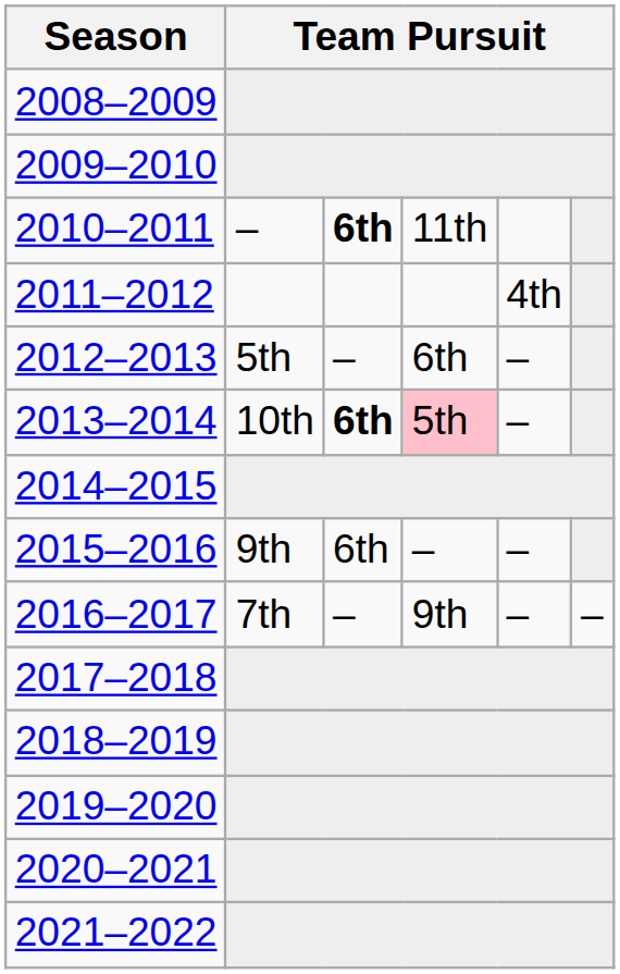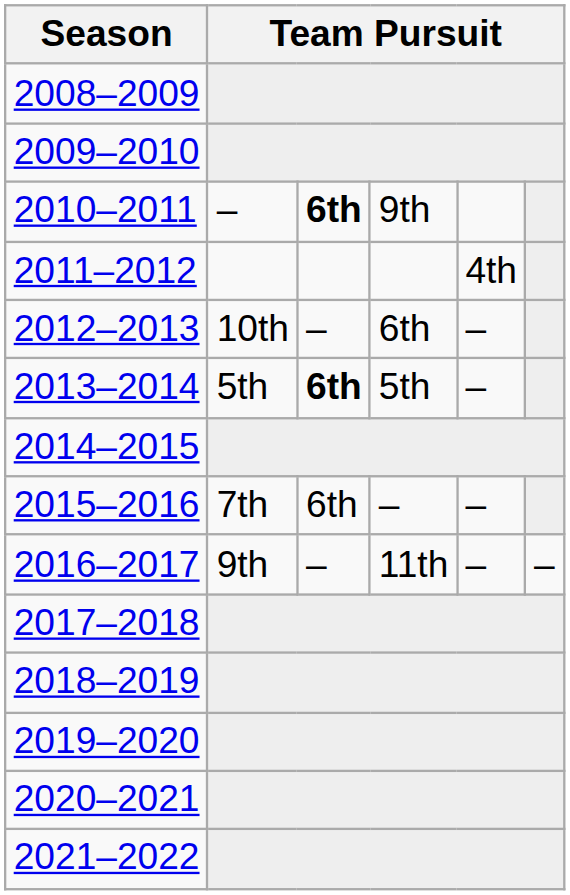 <table class="wikitable" style="display: inline-table;">
 <tr>
 <th>Season</th>
 <th colspan="14">Team Pursuit</th>
 </tr>
 <tr>
 <td><a href='#'>2008–2009</a></td>
 <td colspan="12" bgcolor=#EEEEEE></td>
 </tr>
 <tr>
 <td><a href='#'>2009–2010</a></td>
 <td colspan="12" bgcolor=#EEEEEE></td>
 </tr>
 <tr>
 <td><a href='#'>2010–2011</a></td>
 <td>–</td>
 <td><strong>6th</strong></td>
-<td>11th</td>
+<td>9th</td>
 <td></td>
 <td colspan="12" bgcolor=#EEEEEE></td>
 </tr>
 <tr>
 <td><a href='#'>2011–2012</a></td>
 <td></td>
 <td></td>
 <td></td>
 <td>4th</td>
 <td colspan="12" bgcolor=#EEEEEE></td>
 </tr>
 <tr>
 <td><a href='#'>2012–2013</a></td>
-<td>5th</td>
+<td>10th</td>
 <td>–</td>
 <td>6th</td>
 <td>–</td>
 <td colspan="12" bgcolor=#EEEEEE></td>
 </tr>
 <tr>
 <td><a href='#'>2013–2014</a></td>
-<td>10th</td>
+<td>5th</td>
 <td><strong>6th</strong></td>
-<td style="background: pink;">5th</td>
+<td>5th</td>
 <td>–</td>
 <td colspan="12" bgcolor=#EEEEEE></td>
 </tr>
 <tr>
 <td><a href='#'>2014–2015</a></td>
 <td colspan="12" bgcolor=#EEEEEE></td>
 </tr>
 <tr>
 <td><a href='#'>2015–2016</a></td>
-<td>9th</td>
+<td>7th</td>
 <td>6th</td>
 <td>–</td>
 <td>–</td>
 <td colspan="12" bgcolor=#EEEEEE></td>
 </tr>
 <tr>
 <td><a href='#'>2016–2017</a></td>
-<td>7th</td>
+<td>9th</td>
 <td>–</td>
-<td>9th</td>
+<td>11th</td>
 <td>–</td>
 <td>–</td>
 </tr>
 <tr>
 <td><a href='#'>2017–2018</a></td>
 <td colspan="12" bgcolor=#EEEEEE></td>
 </tr>
 <tr>
 <td><a href='#'>2018–2019</a></td>
 <td colspan="12" bgcolor=#EEEEEE></td>
 </tr>
 <tr>
 <td><a href='#'>2019–2020</a></td>
 <td colspan="12" bgcolor=#EEEEEE></td>
 </tr>
 <tr>
 <td><a href='#'>2020–2021</a></td>
 <td colspan="12" bgcolor=#EEEEEE></td>
 </tr>
 <tr>
 <td><a href='#'>2021–2022</a></td>
 <td colspan="12" bgcolor=#EEEEEE></td>
 </tr>
 </table>
